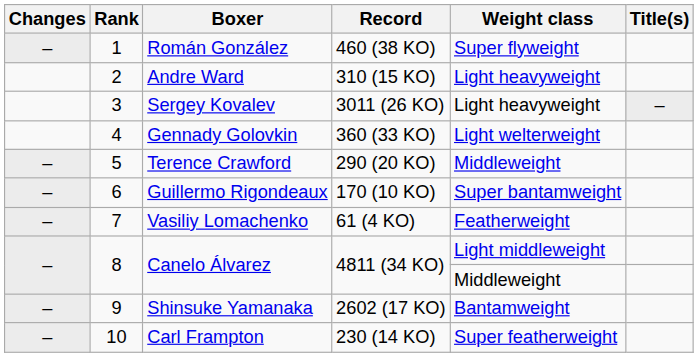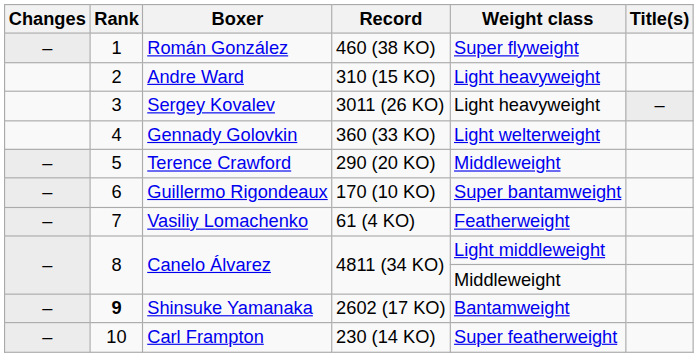 <table class="wikitable ">
 <tr>
 <th>Changes</th>
 <th>Rank</th>
 <th>Boxer</th>
 <th>Record</th>
 <th>Weight class</th>
 <th>Title(s)</th>
 </tr>
 <tr>
 <td align=center bgcolor=#ECECEC>–</td>
 <td align=center>1</td>
 <td><a href='#'>Román González</a></td>
 <td>460 (38 KO)</td>
 <td><a href='#'>Super flyweight</a></td>
 <td></td>
 </tr>
 <tr>
 <td align=center></td>
 <td align=center>2</td>
 <td><a href='#'>Andre Ward</a></td>
 <td>310 (15 KO)</td>
 <td><a href='#'>Light heavyweight</a></td>
 <td></td>
 </tr>
 <tr>
 <td align=center></td>
 <td align=center>3</td>
 <td><a href='#'>Sergey Kovalev</a></td>
 <td>3011 (26 KO)</td>
 <td>Light heavyweight</td>
 <td align=center bgcolor=#ECECEC data-sort-value="Z">–</td>
 </tr>
 <tr>
 <td align=center></td>
 <td align=center>4</td>
 <td><a href='#'>Gennady Golovkin</a></td>
 <td>360 (33 KO)</td>
 <td><a href='#'>Light welterweight</a></td>
 <td></td>
 </tr>
 <tr>
 <td align=center bgcolor=#ECECEC>–</td>
 <td align=center>5</td>
 <td><a href='#'>Terence Crawford</a></td>
 <td>290 (20 KO)</td>
 <td><a href='#'>Middleweight</a></td>
 <td></td>
 </tr>
 <tr>
 <td align=center bgcolor=#ECECEC>–</td>
 <td align=center>6</td>
 <td><a href='#'>Guillermo Rigondeaux</a></td>
 <td>170 (10 KO)</td>
 <td><a href='#'>Super bantamweight</a></td>
 <td></td>
 </tr>
 <tr>
 <td align=center bgcolor=#ECECEC>–</td>
 <td align=center>7</td>
 <td><a href='#'>Vasiliy Lomachenko</a></td>
 <td>61 (4 KO)</td>
 <td><a href='#'>Featherweight</a></td>
 <td></td>
 </tr>
 <tr>
 <td rowspan=2 align=center bgcolor=#ECECEC>–</td>
 <td rowspan=2 align=center>8</td>
 <td rowspan=2><a href='#'>Canelo Álvarez</a></td>
 <td rowspan=2>4811 (34 KO)</td>
 <td><a href='#'>Light middleweight</a></td>
 <td></td>
 </tr>
 <tr>
 <td>Middleweight</td>
 <td></td>
 </tr>
 <tr>
 <td align=center bgcolor=#ECECEC>–</td>
-<td align=center>9</td>
+<td align=center><strong>9</strong></td>
 <td><a href='#'>Shinsuke Yamanaka</a></td>
 <td>2602 (17 KO)</td>
 <td><a href='#'>Bantamweight</a></td>
 <td></td>
 </tr>
 <tr>
 <td align=center bgcolor=#ECECEC>–</td>
 <td align=center>10</td>
 <td><a href='#'>Carl Frampton</a></td>
 <td>230 (14 KO)</td>
 <td><a href='#'>Super featherweight</a></td>
 <td></td>
 </tr>
 </table>
